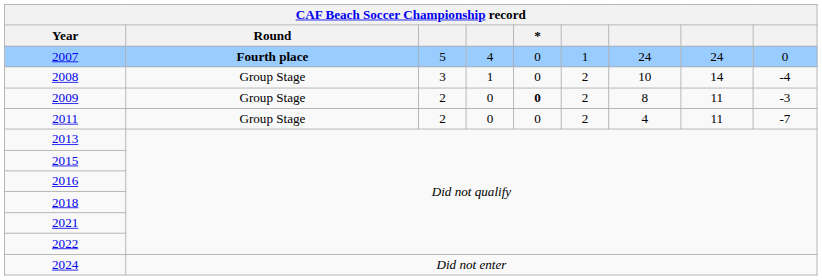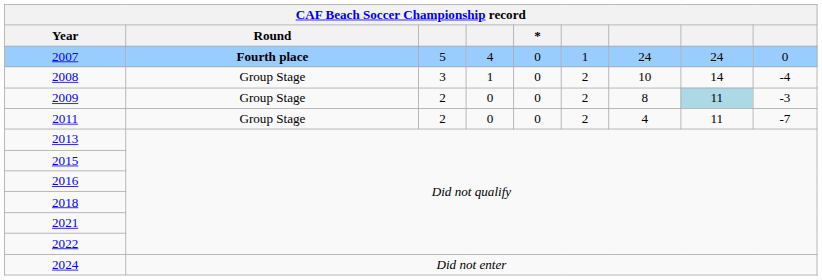 <table class="wikitable" style="text-align: center; width:50%;">
 <tr>
 <th colspan="9"><a href='#'>CAF Beach Soccer Championship</a> record</th>
 </tr>
 <tr>
 <th>Year</th>
 <th>Round</th>
 <th></th>
 <th></th>
 <th>*</th>
 <th></th>
 <th></th>
 <th></th>
 <th></th>
 </tr>
 <tr bgcolor=#9acdff>
 <td> <a href='#'>2007</a></td>
 <td><strong>Fourth place</strong></td>
 <td>5</td>
 <td>4</td>
 <td>0</td>
 <td>1</td>
 <td>24</td>
 <td>24</td>
 <td>0</td>
 </tr>
 <tr>
 <td> <a href='#'>2008</a></td>
 <td>Group Stage</td>
 <td>3</td>
 <td>1</td>
 <td>0</td>
 <td>2</td>
 <td>10</td>
 <td>14</td>
 <td>-4</td>
 </tr>
 <tr>
 <td> <a href='#'>2009</a></td>
 <td>Group Stage</td>
 <td>2</td>
 <td>0</td>
-<td><strong>0</strong></td>
+<td>0</td>
 <td>2</td>
 <td>8</td>
-<td>11</td>
+<td style="background: lightblue;">11</td>
 <td>-3</td>
 </tr>
 <tr>
 <td> <a href='#'>2011</a></td>
 <td>Group Stage</td>
 <td>2</td>
 <td>0</td>
 <td>0</td>
 <td>2</td>
 <td>4</td>
 <td>11</td>
 <td>-7</td>
 </tr>
 <tr>
 <td> <a href='#'>2013</a></td>
 <td colspan="8" rowspan="6"><em>Did not qualify</em></td>
 </tr>
 <tr>
 <td> <a href='#'>2015</a></td>
 </tr>
 <tr>
 <td> <a href='#'>2016</a></td>
 </tr>
 <tr>
 <td> <a href='#'>2018</a></td>
 </tr>
 <tr>
 <td> <a href='#'>2021</a></td>
 </tr>
 <tr>
 <td> <a href='#'>2022</a></td>
 </tr>
 <tr>
 <td> <a href='#'>2024</a></td>
 <td colspan="8"><em>Did not enter</em></td>
 </tr>
 </table>
